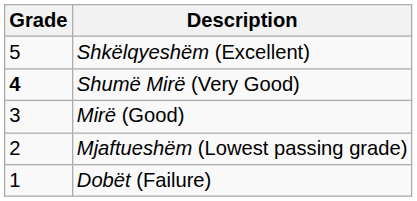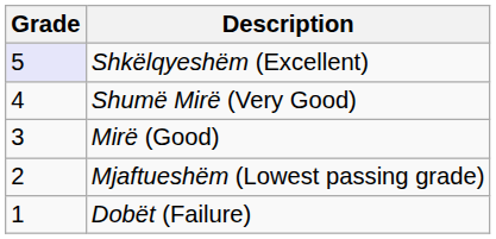 <table class="wikitable">
 <tr>
 <th>Grade</th>
 <th>Description</th>
 </tr>
 <tr>
-<td>5</td>
+<td style="background: lavender;">5</td>
 <td><em>Shkëlqyeshëm</em> (Excellent)</td>
 </tr>
 <tr>
-<td><strong>4</strong></td>
+<td>4</td>
 <td><em>Shumë Mirë</em> (Very Good)</td>
 </tr>
 <tr>
 <td>3</td>
 <td><em>Mirë</em> (Good)</td>
 </tr>
 <tr>
 <td>2</td>
 <td><em>Mjaftueshëm</em> (Lowest passing grade)</td>
 </tr>
 <tr>
 <td>1</td>
 <td><em>Dobët</em> (Failure)</td>
 </tr>
 </table>
